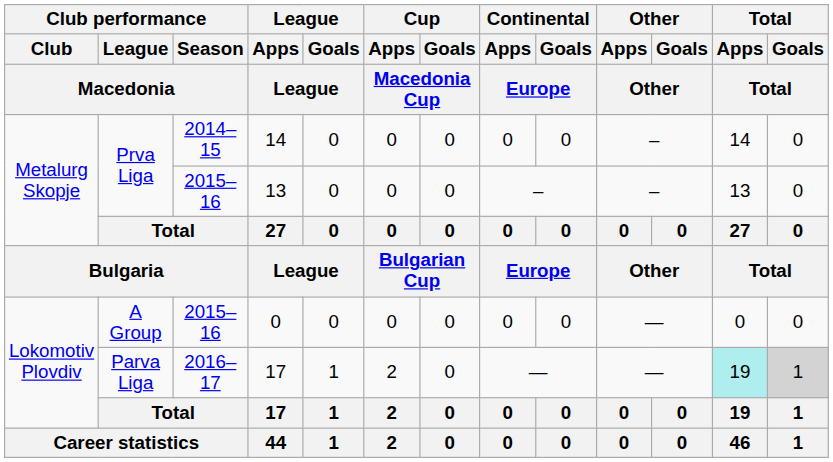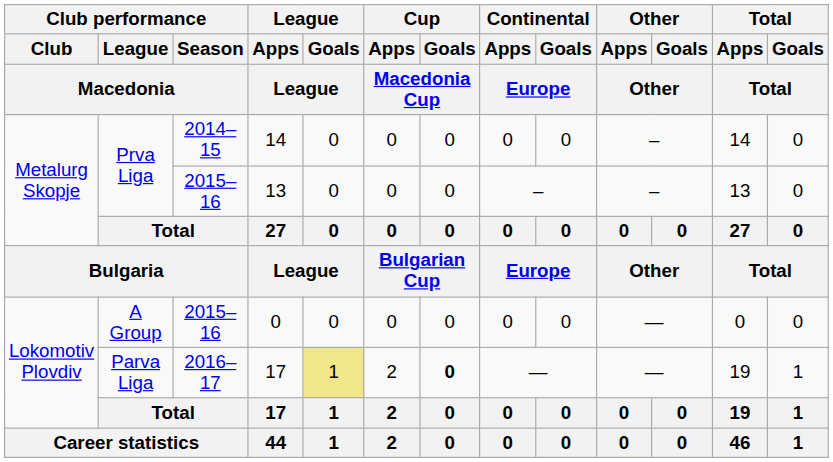 <table class="wikitable" style="text-align: center">
 <tr>
 <th Colspan="3">Club performance</th>
 <th Colspan="2">League</th>
 <th Colspan="2">Cup</th>
 <th Colspan="2">Continental</th>
 <th Colspan="2">Other</th>
 <th Colspan="3">Total</th>
 </tr>
 <tr>
 <th>Club</th>
 <th>League</th>
 <th>Season</th>
 <th>Apps</th>
 <th>Goals</th>
 <th>Apps</th>
 <th>Goals</th>
 <th>Apps</th>
 <th>Goals</th>
 <th>Apps</th>
 <th>Goals</th>
 <th>Apps</th>
 <th>Goals</th>
 </tr>
 <tr>
 <th Colspan="3">Macedonia</th>
 <th Colspan="2">League</th>
 <th Colspan="2"><a href='#'>Macedonia Cup</a></th>
 <th Colspan="2"><a href='#'>Europe</a></th>
 <th Colspan="2">Other</th>
 <th Colspan="2">Total</th>
 </tr>
 <tr>
 <td rowspan="3" valign="center"><a href='#'>Metalurg Skopje</a></td>
 <td rowspan="2"><a href='#'>Prva Liga</a></td>
 <td><a href='#'>2014–15</a></td>
 <td>14</td>
 <td>0</td>
 <td>0</td>
 <td>0</td>
 <td>0</td>
 <td>0</td>
 <td colspan="2">–</td>
 <td>14</td>
 <td>0</td>
 </tr>
 <tr>
 <td><a href='#'>2015–16</a></td>
 <td>13</td>
 <td>0</td>
 <td>0</td>
 <td>0</td>
 <td colspan="2">–</td>
 <td colspan="2">–</td>
 <td>13</td>
 <td>0</td>
 </tr>
 <tr>
 <th colspan=2>Total</th>
 <th>27</th>
 <th>0</th>
 <th>0</th>
 <th>0</th>
 <th>0</th>
 <th>0</th>
 <th>0</th>
 <th>0</th>
 <th>27</th>
 <th>0</th>
 </tr>
 <tr>
 <th Colspan="3">Bulgaria</th>
 <th Colspan="2">League</th>
 <th Colspan="2"><a href='#'>Bulgarian Cup</a></th>
 <th Colspan="2"><a href='#'>Europe</a></th>
 <th Colspan="2">Other</th>
 <th Colspan="2">Total</th>
 </tr>
 <tr>
 <td rowspan="3" valign="center"><a href='#'>Lokomotiv Plovdiv</a></td>
 <td rowspan="1"><a href='#'>A Group</a></td>
 <td><a href='#'>2015–16</a></td>
 <td>0</td>
 <td>0</td>
 <td>0</td>
 <td>0</td>
 <td>0</td>
 <td>0</td>
 <td colspan="2">—</td>
 <td>0</td>
 <td>0</td>
 </tr>
 <tr>
 <td rowspan="1"><a href='#'>Parva Liga</a></td>
 <td><a href='#'>2016–17</a></td>
 <td>17</td>
-<td>1</td>
+<td style="background: khaki;">1</td>
 <td>2</td>
-<td>0</td>
+<td><strong>0</strong></td>
 <td colspan="2">—</td>
 <td colspan="2">—</td>
-<td style="background: paleturquoise;">19</td>
-<td style="background: lightgrey;">1</td>
+<td>19</td>
+<td>1</td>
 </tr>
 <tr>
 <th colspan=2>Total</th>
 <th>17</th>
 <th>1</th>
 <th>2</th>
 <th>0</th>
 <th>0</th>
 <th>0</th>
 <th>0</th>
 <th>0</th>
 <th>19</th>
 <th>1</th>
 </tr>
 <tr>
 <th colspan="3">Career statistics</th>
 <th>44</th>
 <th>1</th>
 <th>2</th>
 <th>0</th>
 <th>0</th>
 <th>0</th>
 <th>0</th>
 <th>0</th>
 <th>46</th>
 <th>1</th>
 </tr>
 </table>
